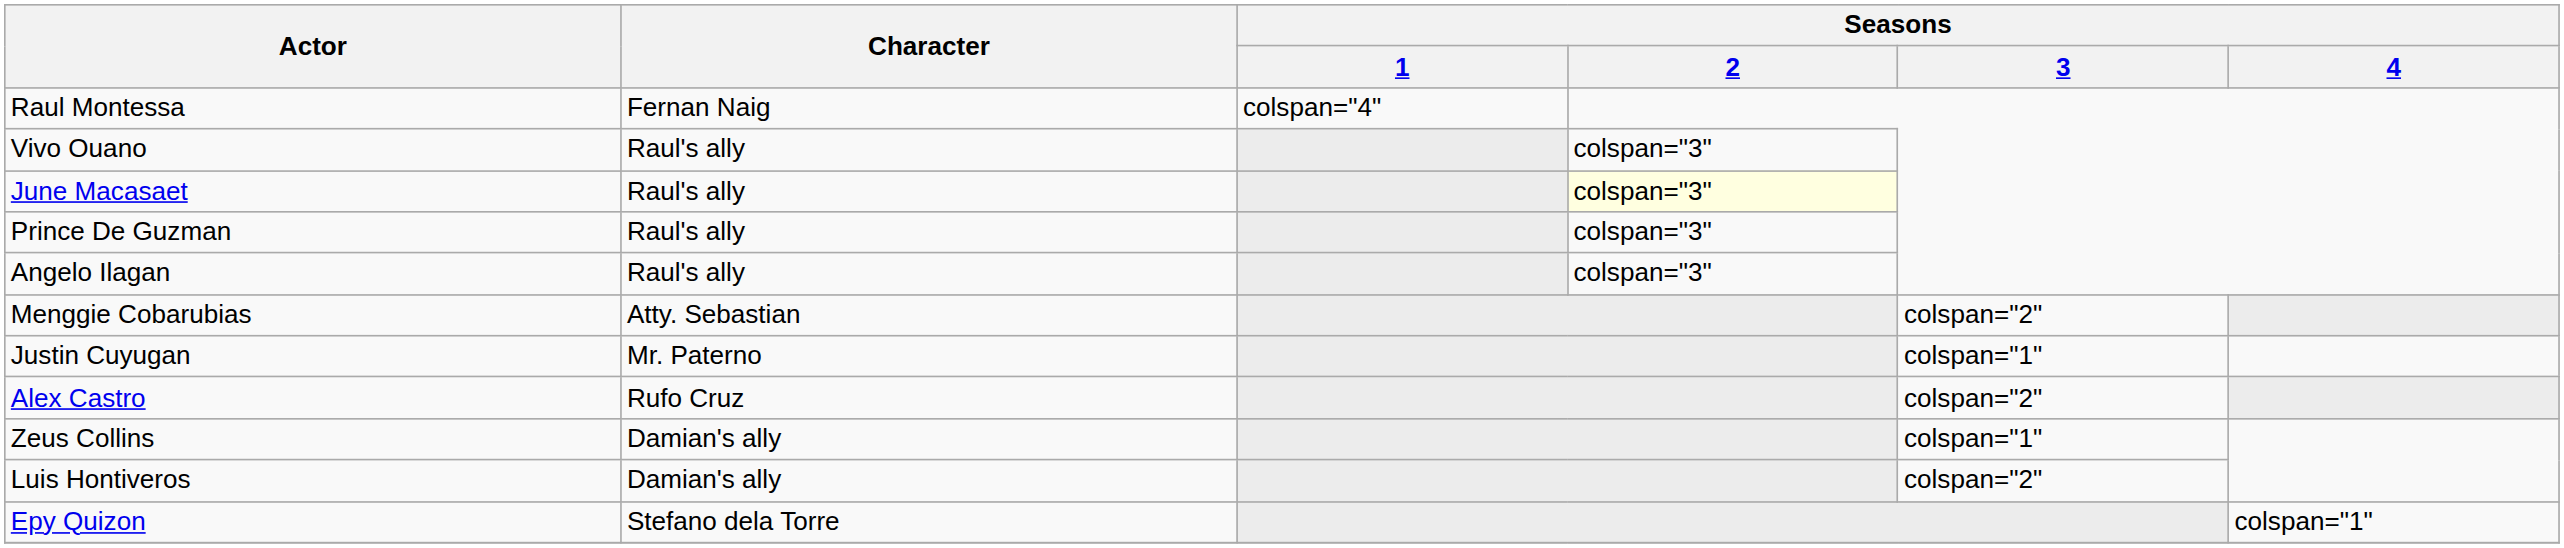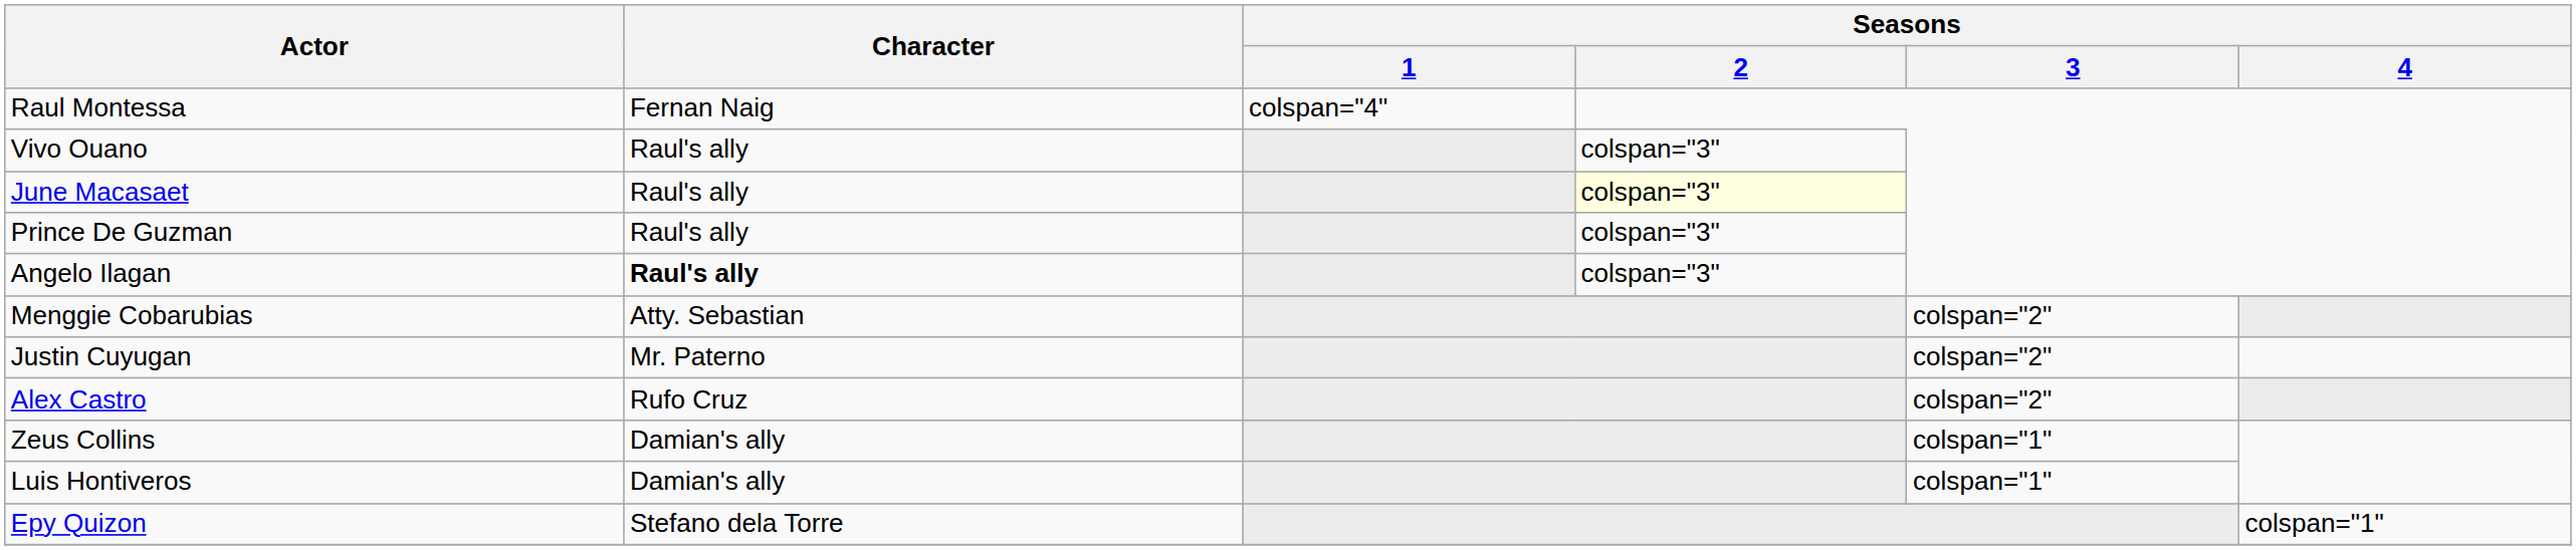 <table class="wikitable">
 <tr>
 <th style="width:10%;" rowspan="2">Actor</th>
 <th style="width:10%;" rowspan="2">Character</th>
 <th colspan="12">Seasons</th>
 </tr>
 <tr>
 <th style="width:5%;"><a href='#'>1</a></th>
 <th style="width:5%;"><a href='#'>2</a></th>
 <th style="width:5%;"><a href='#'>3</a></th>
 <th style="width:5%;"><a href='#'>4</a></th>
 </tr>
 <tr>
 <td>Raul Montessa</td>
 <td>Fernan Naig</td>
 <td>colspan="4" </td>
 </tr>
 <tr>
 <td>Vivo Ouano</td>
 <td>Raul's ally</td>
 <td colspan="1" style="background: #ececec; color: grey; vertical-align: middle; text-align: center; " class="table-na"></td>
 <td>colspan="3" </td>
 </tr>
 <tr>
 <td><a href='#'>June Macasaet</a></td>
 <td>Raul's ally</td>
 <td colspan="1" style="background: #ececec; color: grey; vertical-align: middle; text-align: center; " class="table-na"></td>
 <td style="background: lightyellow;">colspan="3" </td>
 </tr>
 <tr>
 <td>Prince De Guzman</td>
 <td>Raul's ally</td>
 <td colspan="1" style="background: #ececec; color: grey; vertical-align: middle; text-align: center; " class="table-na"></td>
 <td>colspan="3" </td>
 </tr>
 <tr>
 <td>Angelo Ilagan</td>
-<td>Raul's ally</td>
+<td><strong>Raul's ally</strong></td>
 <td colspan="1" style="background: #ececec; color: grey; vertical-align: middle; text-align: center; " class="table-na"></td>
 <td>colspan="3" </td>
 </tr>
 <tr>
 <td>Menggie Cobarubias</td>
 <td>Atty. Sebastian</td>
 <td colspan="2" style="background: #ececec; color: grey; vertical-align: middle; text-align: center; " class="table-na"></td>
 <td>colspan="2" </td>
 <td colspan="1" style="background: #ececec; color: grey; vertical-align: middle; text-align: center; " class="table-na"></td>
 </tr>
 <tr>
 <td>Justin Cuyugan</td>
 <td>Mr. Paterno</td>
 <td colspan="2" style="background: #ececec; color: grey; vertical-align: middle; text-align: center; " class="table-na"></td>
-<td>colspan="1" </td>
+<td>colspan="2" </td>
 </tr>
 <tr>
 <td><a href='#'>Alex Castro</a></td>
 <td>Rufo Cruz</td>
 <td colspan="2" style="Background: #ececec; color: grey; vertical-align: middle; text-align: center; " class="table-na"></td>
 <td>colspan="2" </td>
 <td colspan="1" style="Background: #ececec; color: grey; vertical-align: middle; text-align: center; " class="table-na"></td>
 </tr>
 <tr>
 <td>Zeus Collins</td>
 <td>Damian's ally</td>
 <td colspan="2" style="background: #ececec; color: grey; vertical-align: middle; text-align: center; " class="table-na"></td>
 <td>colspan="1" </td>
 </tr>
 <tr>
 <td>Luis Hontiveros</td>
 <td>Damian's ally</td>
 <td colspan="2" style="background: #ececec; color: grey; vertical-align: middle; text-align: center; " class="table-na"></td>
-<td>colspan="2" </td>
+<td>colspan="1" </td>
 </tr>
 <tr>
 <td><a href='#'>Epy Quizon</a></td>
 <td>Stefano dela Torre</td>
 <td colspan="3" style="background: #ececec; color: grey; vertical-align: middle; text-align: center; " class="table-na"></td>
 <td>colspan="1" </td>
 </tr>
 <tr>
 </tr>
 </table>
